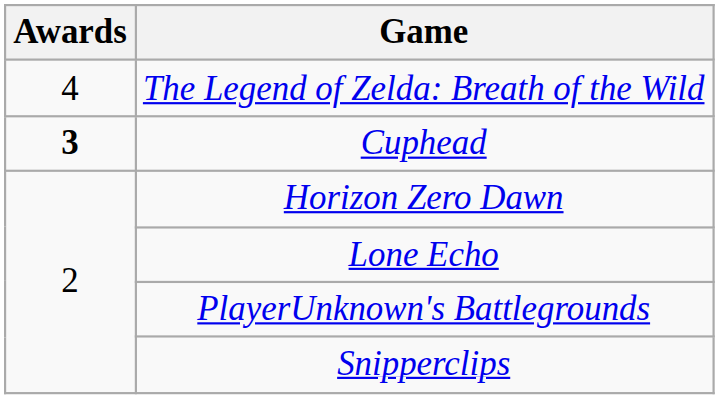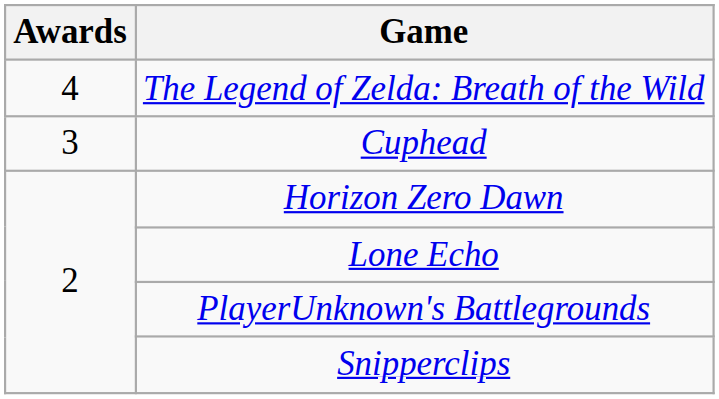 <table class="wikitable floatleft" rowspan="2" style="text-align:center;" background: #f6e39c;>
 <tr>
 <th scope="col">Awards</th>
 <th scope="col">Game</th>
 </tr>
 <tr>
 <td>4</td>
 <td><em><a href='#'>The Legend of Zelda: Breath of the Wild</a></em></td>
 </tr>
 <tr>
-<td><strong>3</strong></td>
+<td>3</td>
 <td><em><a href='#'>Cuphead</a></em></td>
 </tr>
 <tr>
 <td rowspan=4>2</td>
 <td><em><a href='#'>Horizon Zero Dawn</a></em></td>
 </tr>
 <tr>
 <td><em><a href='#'>Lone Echo</a></em></td>
 </tr>
 <tr>
 <td><em><a href='#'>PlayerUnknown's Battlegrounds</a></em></td>
 </tr>
 <tr>
 <td><em><a href='#'>Snipperclips</a></em></td>
 </tr>
 </table>
